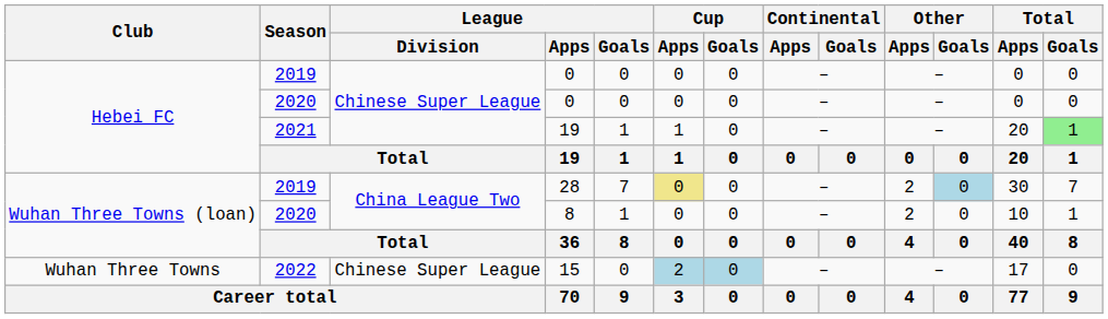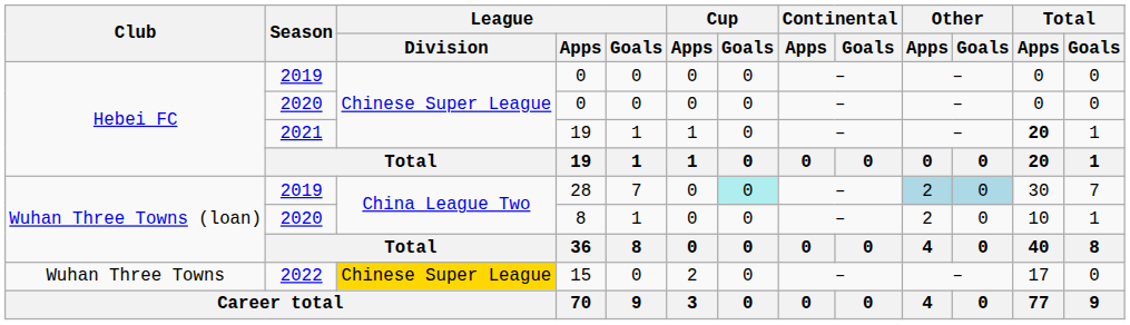 <table class="wikitable" style="text-align: center">
 <tr>
 <th rowspan="2">Club</th>
 <th rowspan="2">Season</th>
 <th colspan="3">League</th>
 <th colspan="2">Cup</th>
 <th colspan="2">Continental</th>
 <th colspan="2">Other</th>
 <th colspan="2">Total</th>
 </tr>
 <tr>
 <th>Division</th>
 <th>Apps</th>
 <th>Goals</th>
 <th>Apps</th>
 <th>Goals</th>
 <th>Apps</th>
 <th>Goals</th>
 <th>Apps</th>
 <th>Goals</th>
 <th>Apps</th>
 <th>Goals</th>
 </tr>
 <tr>
 <td rowspan="4"><a href='#'>Hebei FC</a></td>
 <td><a href='#'>2019</a></td>
 <td rowspan="3"><a href='#'>Chinese Super League</a></td>
 <td>0</td>
 <td>0</td>
 <td>0</td>
 <td>0</td>
 <td colspan="2">–</td>
 <td colspan="2">–</td>
 <td>0</td>
 <td>0</td>
 </tr>
 <tr>
 <td><a href='#'>2020</a></td>
 <td>0</td>
 <td>0</td>
 <td>0</td>
 <td>0</td>
 <td colspan="2">–</td>
 <td colspan="2">–</td>
 <td>0</td>
 <td>0</td>
 </tr>
 <tr>
 <td><a href='#'>2021</a></td>
 <td>19</td>
 <td>1</td>
 <td>1</td>
 <td>0</td>
 <td colspan="2">–</td>
 <td colspan="2">–</td>
-<td>20</td>
-<td style="background: lightgreen;">1</td>
+<td><strong>20</strong></td>
+<td>1</td>
 </tr>
 <tr>
 <th colspan=2>Total</th>
 <th>19</th>
 <th>1</th>
 <th>1</th>
 <th>0</th>
 <th>0</th>
 <th>0</th>
 <th>0</th>
 <th>0</th>
 <th>20</th>
 <th>1</th>
 </tr>
 <tr>
 <td rowspan="3"><a href='#'>Wuhan Three Towns</a> (loan)</td>
 <td><a href='#'>2019</a></td>
 <td rowspan="2"><a href='#'>China League Two</a></td>
 <td>28</td>
 <td>7</td>
-<td style="background: khaki;">0</td>
 <td>0</td>
+<td style="background: paleturquoise;">0</td>
 <td colspan="2">–</td>
-<td>2</td>
+<td style="background: lightblue;">2</td>
 <td style="background: lightblue;">0</td>
 <td>30</td>
 <td>7</td>
 </tr>
 <tr>
 <td><a href='#'>2020</a></td>
 <td>8</td>
 <td>1</td>
 <td>0</td>
 <td>0</td>
 <td colspan="2">–</td>
 <td>2</td>
 <td>0</td>
 <td>10</td>
 <td>1</td>
 </tr>
 <tr>
 <th colspan=2>Total</th>
 <th>36</th>
 <th>8</th>
 <th>0</th>
 <th>0</th>
 <th>0</th>
 <th>0</th>
 <th>4</th>
 <th>0</th>
 <th>40</th>
 <th>8</th>
 </tr>
 <tr>
 <td>Wuhan Three Towns</td>
 <td rowspan="1"><a href='#'>2022</a></td>
-<td rowspan="1">Chinese Super League</td>
+<td rowspan="1" style="background: gold;">Chinese Super League</td>
 <td>15</td>
 <td>0</td>
-<td style="background: lightblue;">2</td>
-<td style="background: lightblue;">0</td>
+<td>2</td>
+<td>0</td>
 <td colspan="2">–</td>
 <td colspan="2">–</td>
 <td>17</td>
 <td>0</td>
 </tr>
 <tr>
 <th colspan=3>Career total</th>
 <th>70</th>
 <th>9</th>
 <th>3</th>
 <th>0</th>
 <th>0</th>
 <th>0</th>
 <th>4</th>
 <th>0</th>
 <th>77</th>
 <th>9</th>
 </tr>
 </table>
